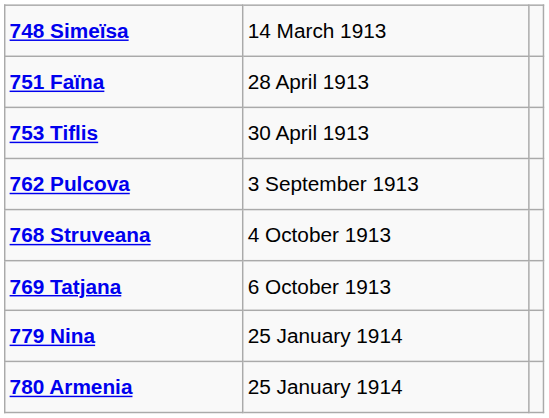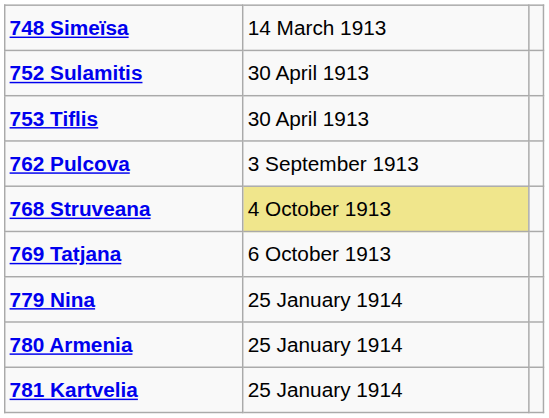 <table class="wikitable" style="font-size: 89%; float: left; width: 26em; margin-right: 1em; height: 280px;">
 <tr>
 <td><strong><a href='#'>748 Simeïsa</a></strong></td>
 <td>14 March 1913</td>
 <td></td>
 </tr>
 <tr>
-<td><strong><a href='#'>751 Faïna</a></strong></td>
-<td>28 April 1913</td>
+<td><strong><a href='#'>752 Sulamitis</a></strong></td>
+<td>30 April 1913</td>
 <td></td>
 </tr>
 <tr>
 <td><strong><a href='#'>753 Tiflis</a></strong></td>
 <td>30 April 1913</td>
 <td></td>
 </tr>
 <tr>
 <td><strong><a href='#'>762 Pulcova</a></strong></td>
 <td>3 September 1913</td>
 <td></td>
 </tr>
 <tr>
 <td><strong><a href='#'>768 Struveana</a></strong></td>
-<td>4 October 1913</td>
+<td style="background: khaki;">4 October 1913</td>
 <td></td>
 </tr>
 <tr>
 <td><strong><a href='#'>769 Tatjana</a></strong></td>
 <td>6 October 1913</td>
 <td></td>
 </tr>
 <tr>
 <td><strong><a href='#'>779 Nina</a></strong></td>
 <td>25 January 1914</td>
 <td></td>
 </tr>
 <tr>
 <td><strong><a href='#'>780 Armenia</a></strong></td>
 <td>25 January 1914</td>
 <td></td>
 </tr>
+<tr>
+<td><strong><a href='#'>781 Kartvelia</a></strong></td>
+<td>25 January 1914</td>
+<td></td>
+</tr>
 </table>
